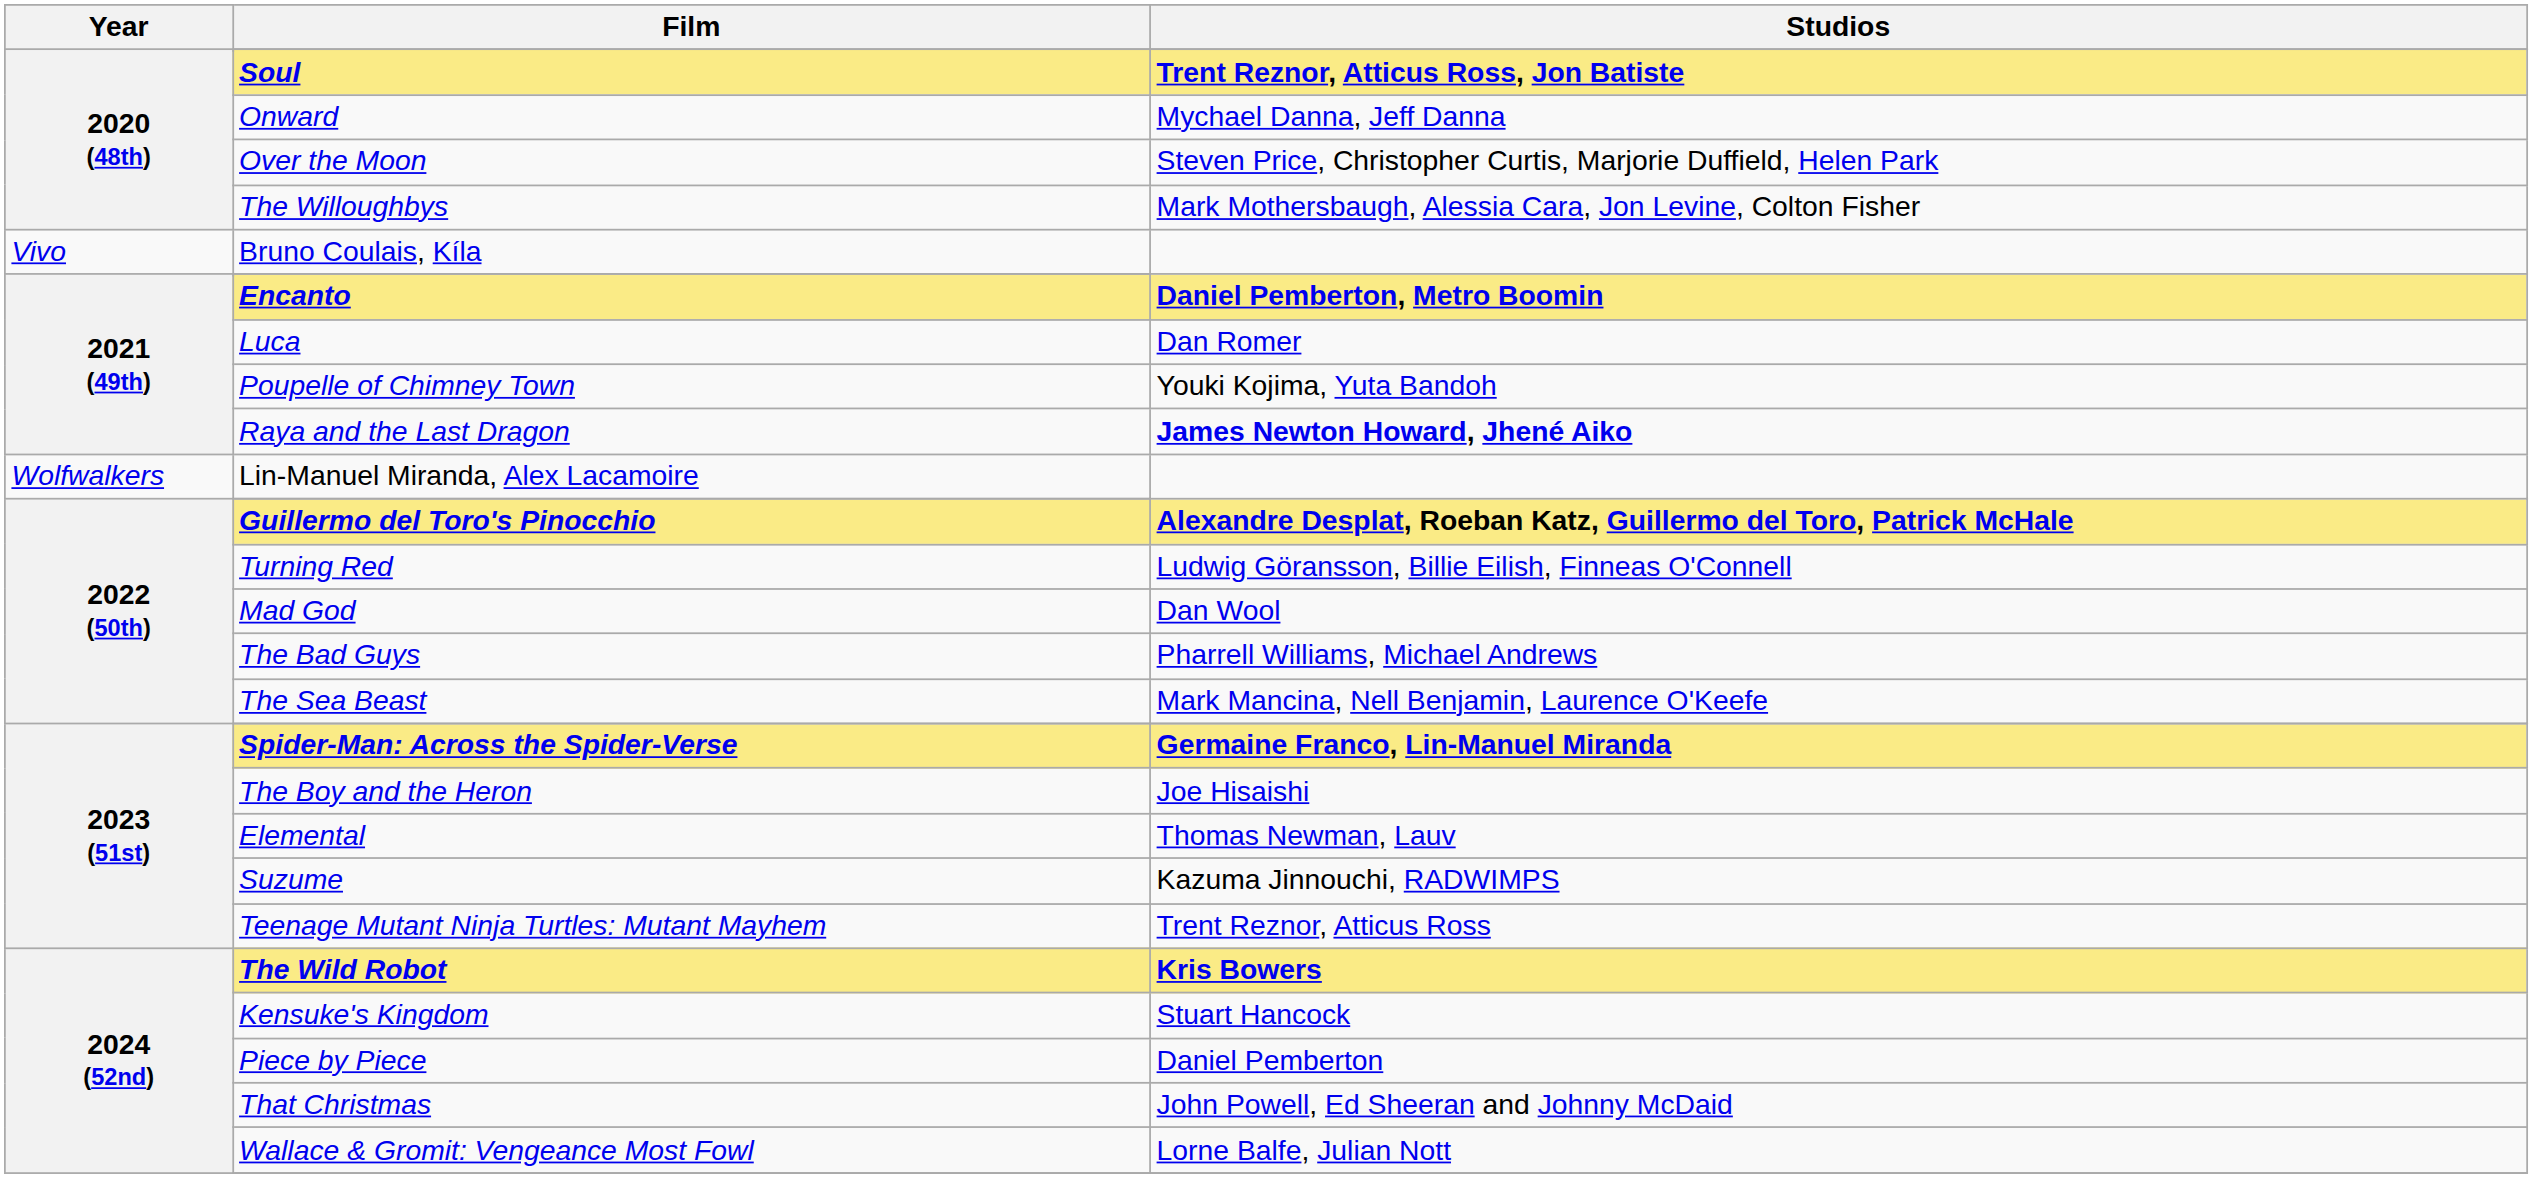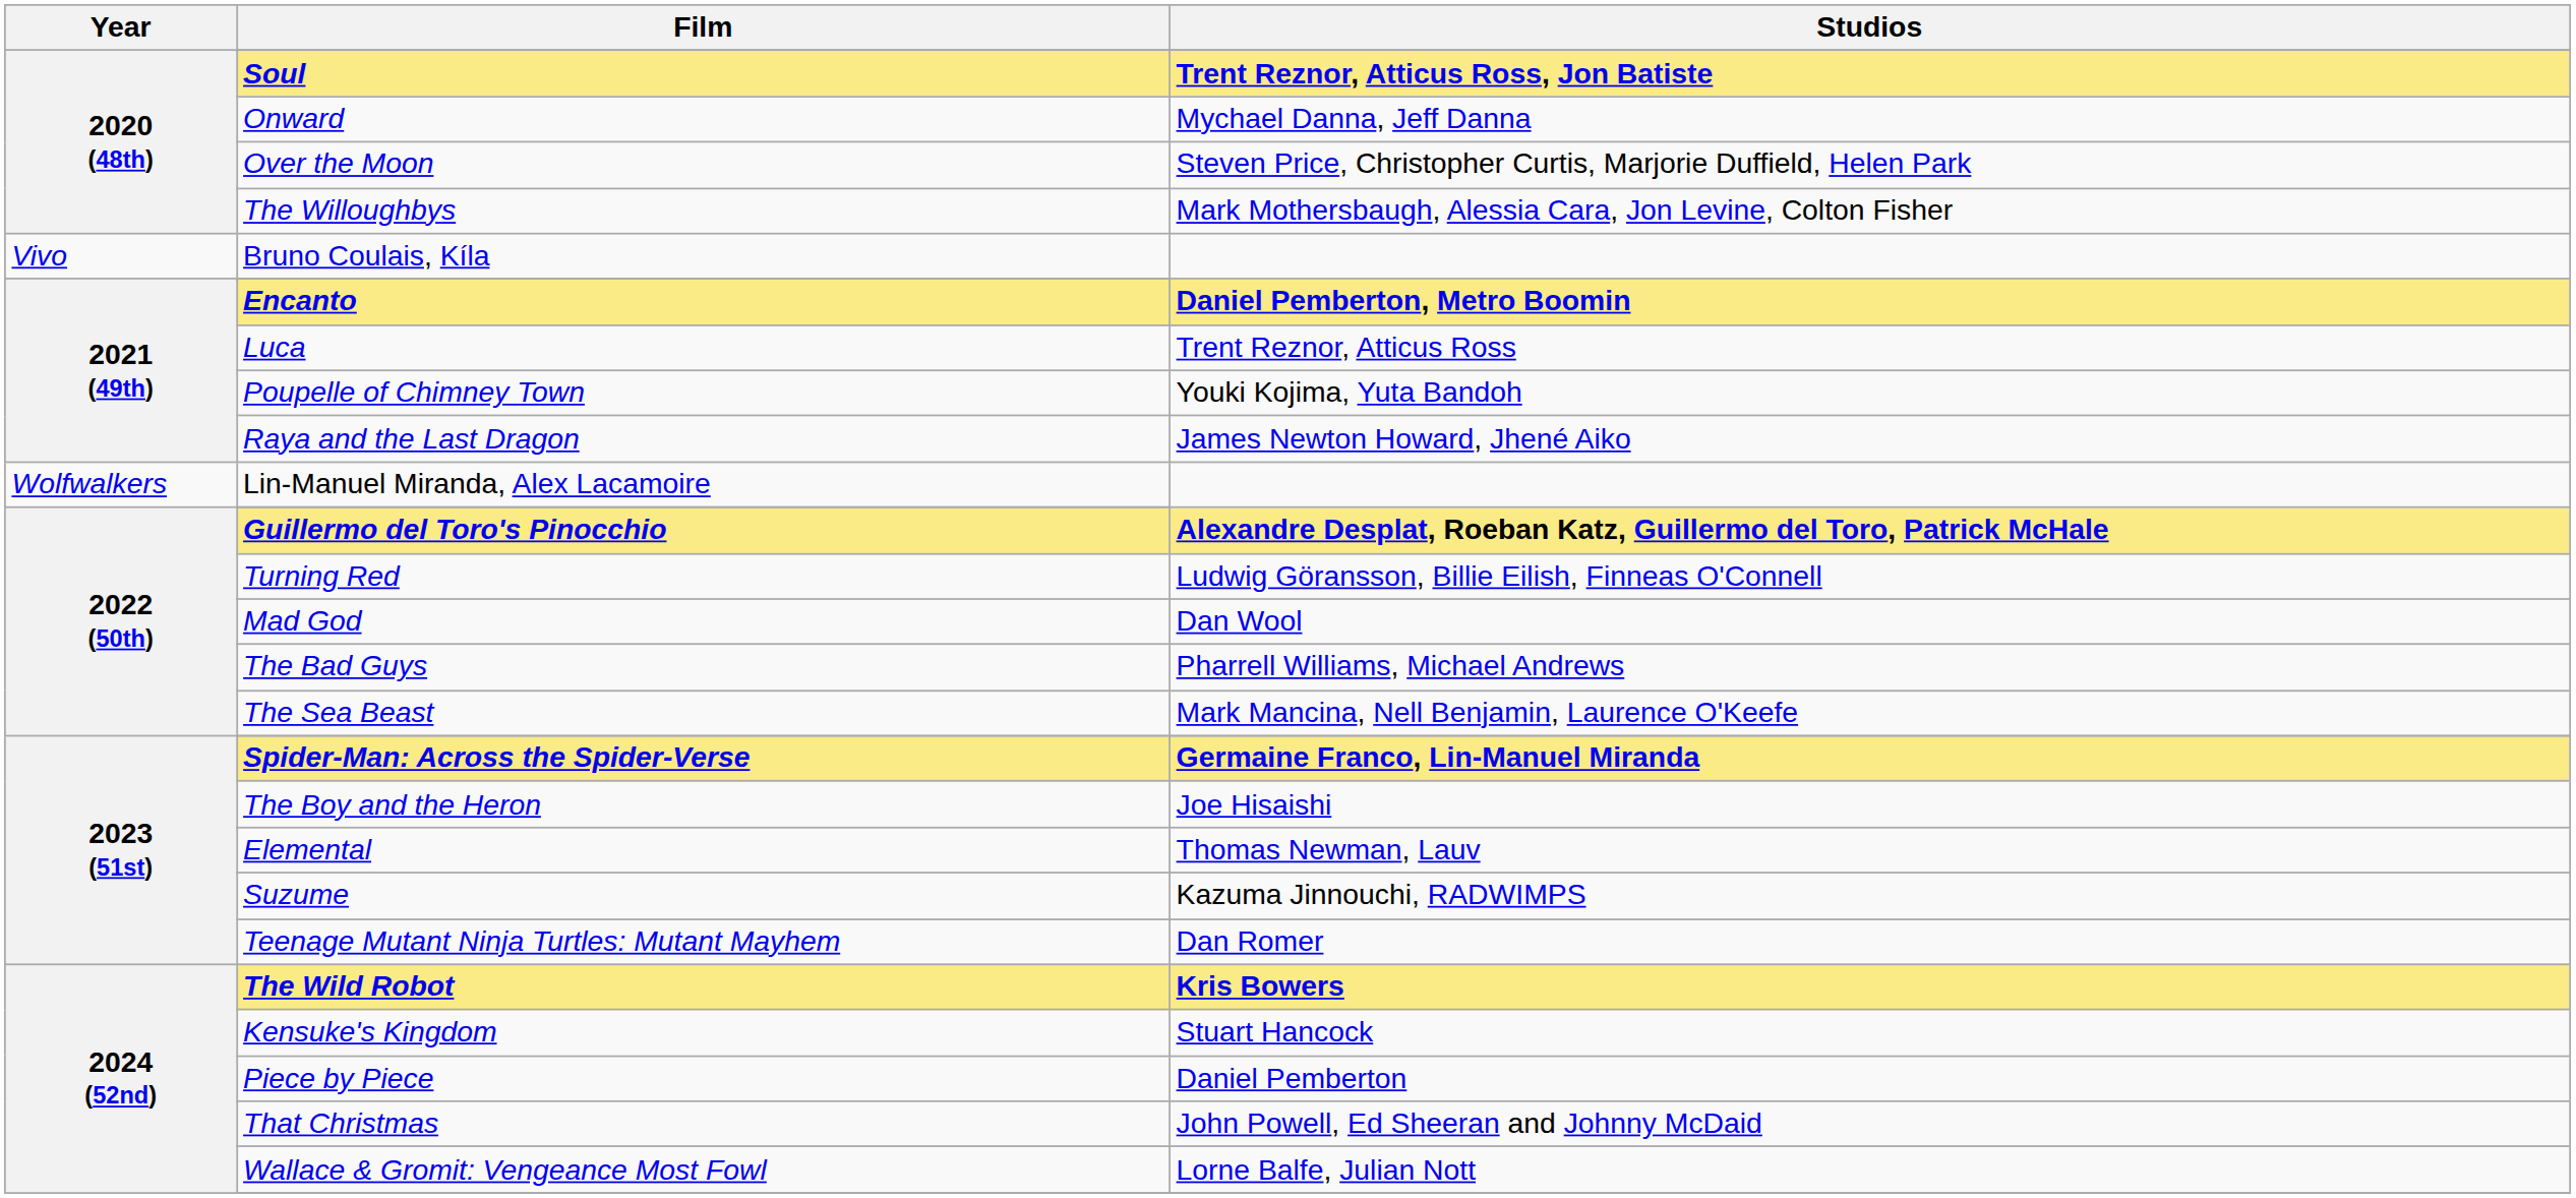 <table class="wikitable" style="width:90%;">
 <tr>
 <th style="width:3%;">Year</th>
 <th style="width:20%;">Film</th>
 <th style="width:30%;">Studios</th>
 </tr>
 <tr>
 <th rowspan="6" style="text-align:center;">2020 <br><small>(<a href='#'>48th</a>)</small><br></th>
 </tr>
 <tr style="background:#FAEB86;">
 </tr>
 <tr>
 <td style="background:#FAEB86;"><strong><em><a href='#'>Soul</a></em></strong></td>
 <td style="background:#FAEB86;"><strong><a href='#'>Trent Reznor</a>, <a href='#'>Atticus Ross</a>, <a href='#'>Jon Batiste</a></strong></td>
 </tr>
 <tr>
 <td><em><a href='#'>Onward</a></em></td>
 <td><a href='#'>Mychael Danna</a>, <a href='#'>Jeff Danna</a></td>
 </tr>
 <tr>
 <td><em><a href='#'>Over the Moon</a></em></td>
 <td><a href='#'>Steven Price</a>, Christopher Curtis, Marjorie Duffield, <a href='#'>Helen Park</a></td>
 </tr>
 <tr>
 <td><em><a href='#'>The Willoughbys</a></em></td>
 <td><a href='#'>Mark Mothersbaugh</a>, <a href='#'>Alessia Cara</a>, <a href='#'>Jon Levine</a>, Colton Fisher</td>
 </tr>
 <tr>
 <td><em><a href='#'>Vivo</a></em></td>
 <td><a href='#'>Bruno Coulais</a>, <a href='#'>Kíla</a></td>
 </tr>
 <tr>
 <th rowspan="6" style="text-align:center;">2021 <br><small>(<a href='#'>49th</a>)</small><br></th>
 </tr>
 <tr style="background:#FAEB86;">
 </tr>
 <tr>
 <td style="background:#FAEB86;"><strong><em><a href='#'>Encanto</a></em></strong></td>
 <td style="background:#FAEB86;"><strong><a href='#'>Daniel Pemberton</a>, <a href='#'>Metro Boomin</a></strong></td>
 </tr>
 <tr>
 <td><em><a href='#'>Luca</a></em></td>
-<td><a href='#'>Dan Romer</a></td>
+<td><a href='#'>Trent Reznor</a>, <a href='#'>Atticus Ross</a></td>
 </tr>
 <tr>
 <td><em><a href='#'>Poupelle of Chimney Town</a></em></td>
 <td>Youki Kojima, <a href='#'>Yuta Bandoh</a></td>
 </tr>
 <tr>
 <td><em><a href='#'>Raya and the Last Dragon</a></em></td>
-<td><strong><a href='#'>James Newton Howard</a>, <a href='#'>Jhené Aiko</a></strong></td>
+<td><a href='#'>James Newton Howard</a>, <a href='#'>Jhené Aiko</a></td>
 </tr>
 <tr>
 <td><em><a href='#'>Wolfwalkers</a></em></td>
 <td>Lin-Manuel Miranda, <a href='#'>Alex Lacamoire</a></td>
 </tr>
 <tr>
 <th rowspan="6" style="text-align:center;">2022 <br><small>(<a href='#'>50th</a>)</small><br></th>
 </tr>
 <tr>
 <td style="background:#FAEB86;"><strong><em><a href='#'>Guillermo del Toro's Pinocchio</a></em></strong></td>
 <td style="background:#FAEB86;"><strong><a href='#'>Alexandre Desplat</a>, Roeban Katz, <a href='#'>Guillermo del Toro</a>, <a href='#'>Patrick McHale</a></strong></td>
 </tr>
 <tr>
 <td><em><a href='#'>Turning Red</a></em></td>
 <td><a href='#'>Ludwig Göransson</a>, <a href='#'>Billie Eilish</a>, <a href='#'>Finneas O'Connell</a></td>
 </tr>
 <tr>
 <td><em><a href='#'>Mad God</a></em></td>
 <td><a href='#'>Dan Wool</a></td>
 </tr>
 <tr>
 <td><em><a href='#'>The Bad Guys</a></em></td>
 <td><a href='#'>Pharrell Williams</a>, <a href='#'>Michael Andrews</a></td>
 </tr>
 <tr>
 <td><em><a href='#'>The Sea Beast</a></em></td>
 <td><a href='#'>Mark Mancina</a>, <a href='#'>Nell Benjamin</a>, <a href='#'>Laurence O'Keefe</a></td>
 </tr>
 <tr>
 <th rowspan="6" style="text-align:center;">2023 <br><small>(<a href='#'>51st</a>)</small><br></th>
 </tr>
 <tr>
 <td style="background:#FAEB86;"><strong><em><a href='#'>Spider-Man: Across the Spider-Verse</a></em></strong></td>
 <td style="background:#FAEB86;"><strong><a href='#'>Germaine Franco</a>, <a href='#'>Lin-Manuel Miranda</a></strong></td>
 </tr>
 <tr>
 <td><em><a href='#'>The Boy and the Heron</a></em></td>
 <td><a href='#'>Joe Hisaishi</a></td>
 </tr>
 <tr>
 <td><em><a href='#'>Elemental</a></em></td>
 <td><a href='#'>Thomas Newman</a>, <a href='#'>Lauv</a></td>
 </tr>
 <tr>
 <td><em><a href='#'>Suzume</a></em></td>
 <td>Kazuma Jinnouchi, <a href='#'>RADWIMPS</a></td>
 </tr>
 <tr>
 <td><em><a href='#'>Teenage Mutant Ninja Turtles: Mutant Mayhem</a></em></td>
-<td><a href='#'>Trent Reznor</a>, <a href='#'>Atticus Ross</a></td>
+<td><a href='#'>Dan Romer</a></td>
 </tr>
 <tr>
 <th rowspan="6" style="text-align:center;">2024 <br><small>(<a href='#'>52nd</a>)</small><br></th>
 <td style="background:#FAEB86;"><strong><em><a href='#'>The Wild Robot</a></em></strong></td>
 <td style="background:#FAEB86;"><strong><a href='#'>Kris Bowers</a></strong></td>
 </tr>
 <tr>
 <td><em><a href='#'>Kensuke's Kingdom</a></em></td>
 <td><a href='#'>Stuart Hancock</a></td>
 </tr>
 <tr>
 <td><em><a href='#'>Piece by Piece</a></em></td>
 <td><a href='#'>Daniel Pemberton</a></td>
 </tr>
 <tr>
 <td><em><a href='#'>That Christmas</a></em></td>
 <td><a href='#'>John Powell</a>, <a href='#'>Ed Sheeran</a> and <a href='#'>Johnny McDaid</a></td>
 </tr>
 <tr>
 <td><em><a href='#'>Wallace & Gromit: Vengeance Most Fowl</a></em></td>
 <td><a href='#'>Lorne Balfe</a>, <a href='#'>Julian Nott</a></td>
 </tr>
 <tr>
 </tr>
 </table>
